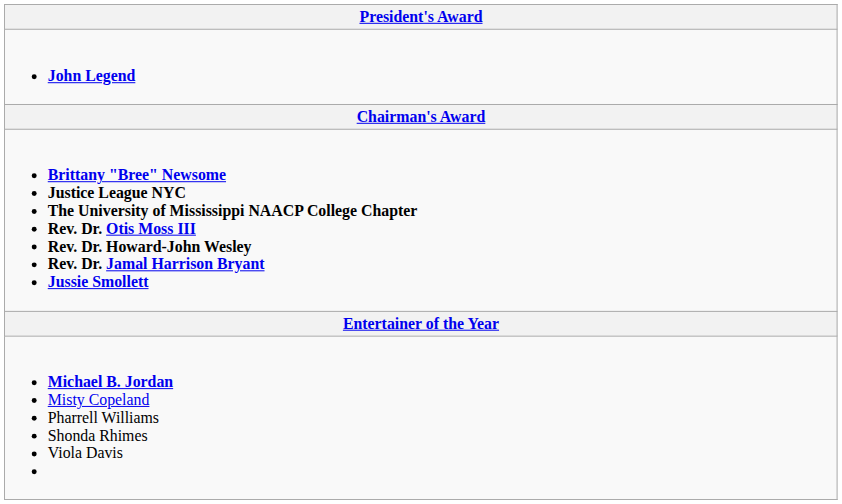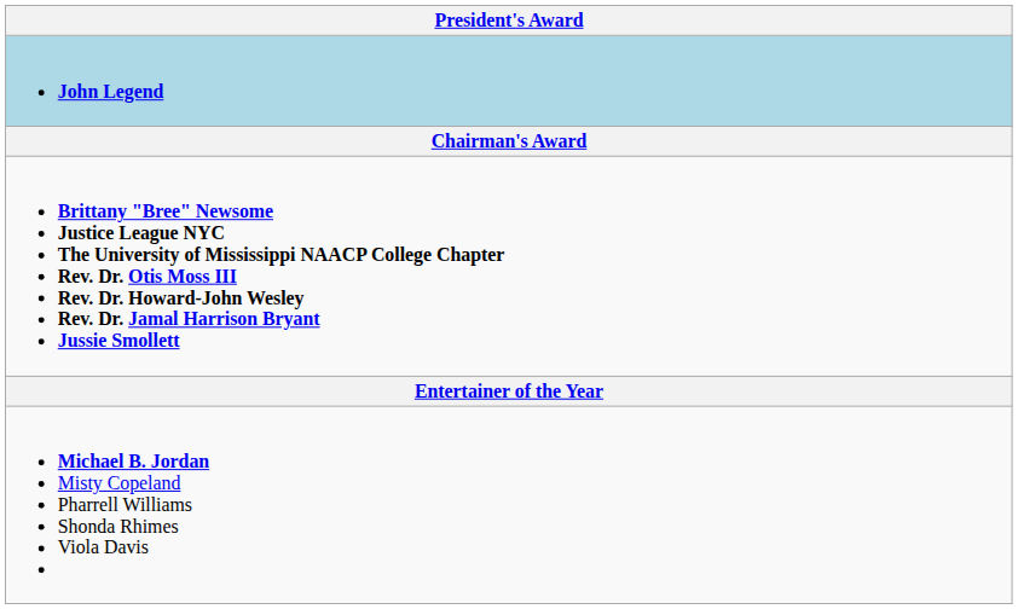 <table class="wikitable">
 <tr>
 <th style="width=50%"><a href='#'>President's Award</a></th>
 </tr>
 <tr>
-<td width="50%" valign="top"><br><ul><li><strong><a href='#'>John Legend</a></strong></li></ul></td>
+<td width="50%" valign="top" style="background: lightblue;"><br><ul><li><strong><a href='#'>John Legend</a></strong></li></ul></td>
 </tr>
 <tr>
 <th style="width=50%"><a href='#'>Chairman's Award</a></th>
 </tr>
 <tr>
 <td width="50%" valign="top"><br><ul><li><strong><a href='#'>Brittany "Bree" Newsome</a></strong></li><li><strong>Justice League NYC</strong></li><li><strong>The University of Mississippi NAACP College Chapter</strong></li><li><strong>Rev. Dr. <a href='#'>Otis Moss III</a></strong></li><li><strong>Rev. Dr. Howard-John Wesley</strong></li><li><strong>Rev. Dr. <a href='#'>Jamal Harrison Bryant</a></strong></li><li><strong><a href='#'>Jussie Smollett</a></strong></li></ul></td>
 </tr>
 <tr>
 <th style="width=50%"><a href='#'>Entertainer of the Year</a></th>
 </tr>
 <tr>
 <td width="50%" valign="top"><br><ul><li><strong><a href='#'>Michael B. Jordan</a></strong></li><li><a href='#'>Misty Copeland</a></li><li>Pharrell Williams</li><li>Shonda Rhimes</li><li>Viola Davis</li><li></li></ul></td>
 </tr>
 </table>
